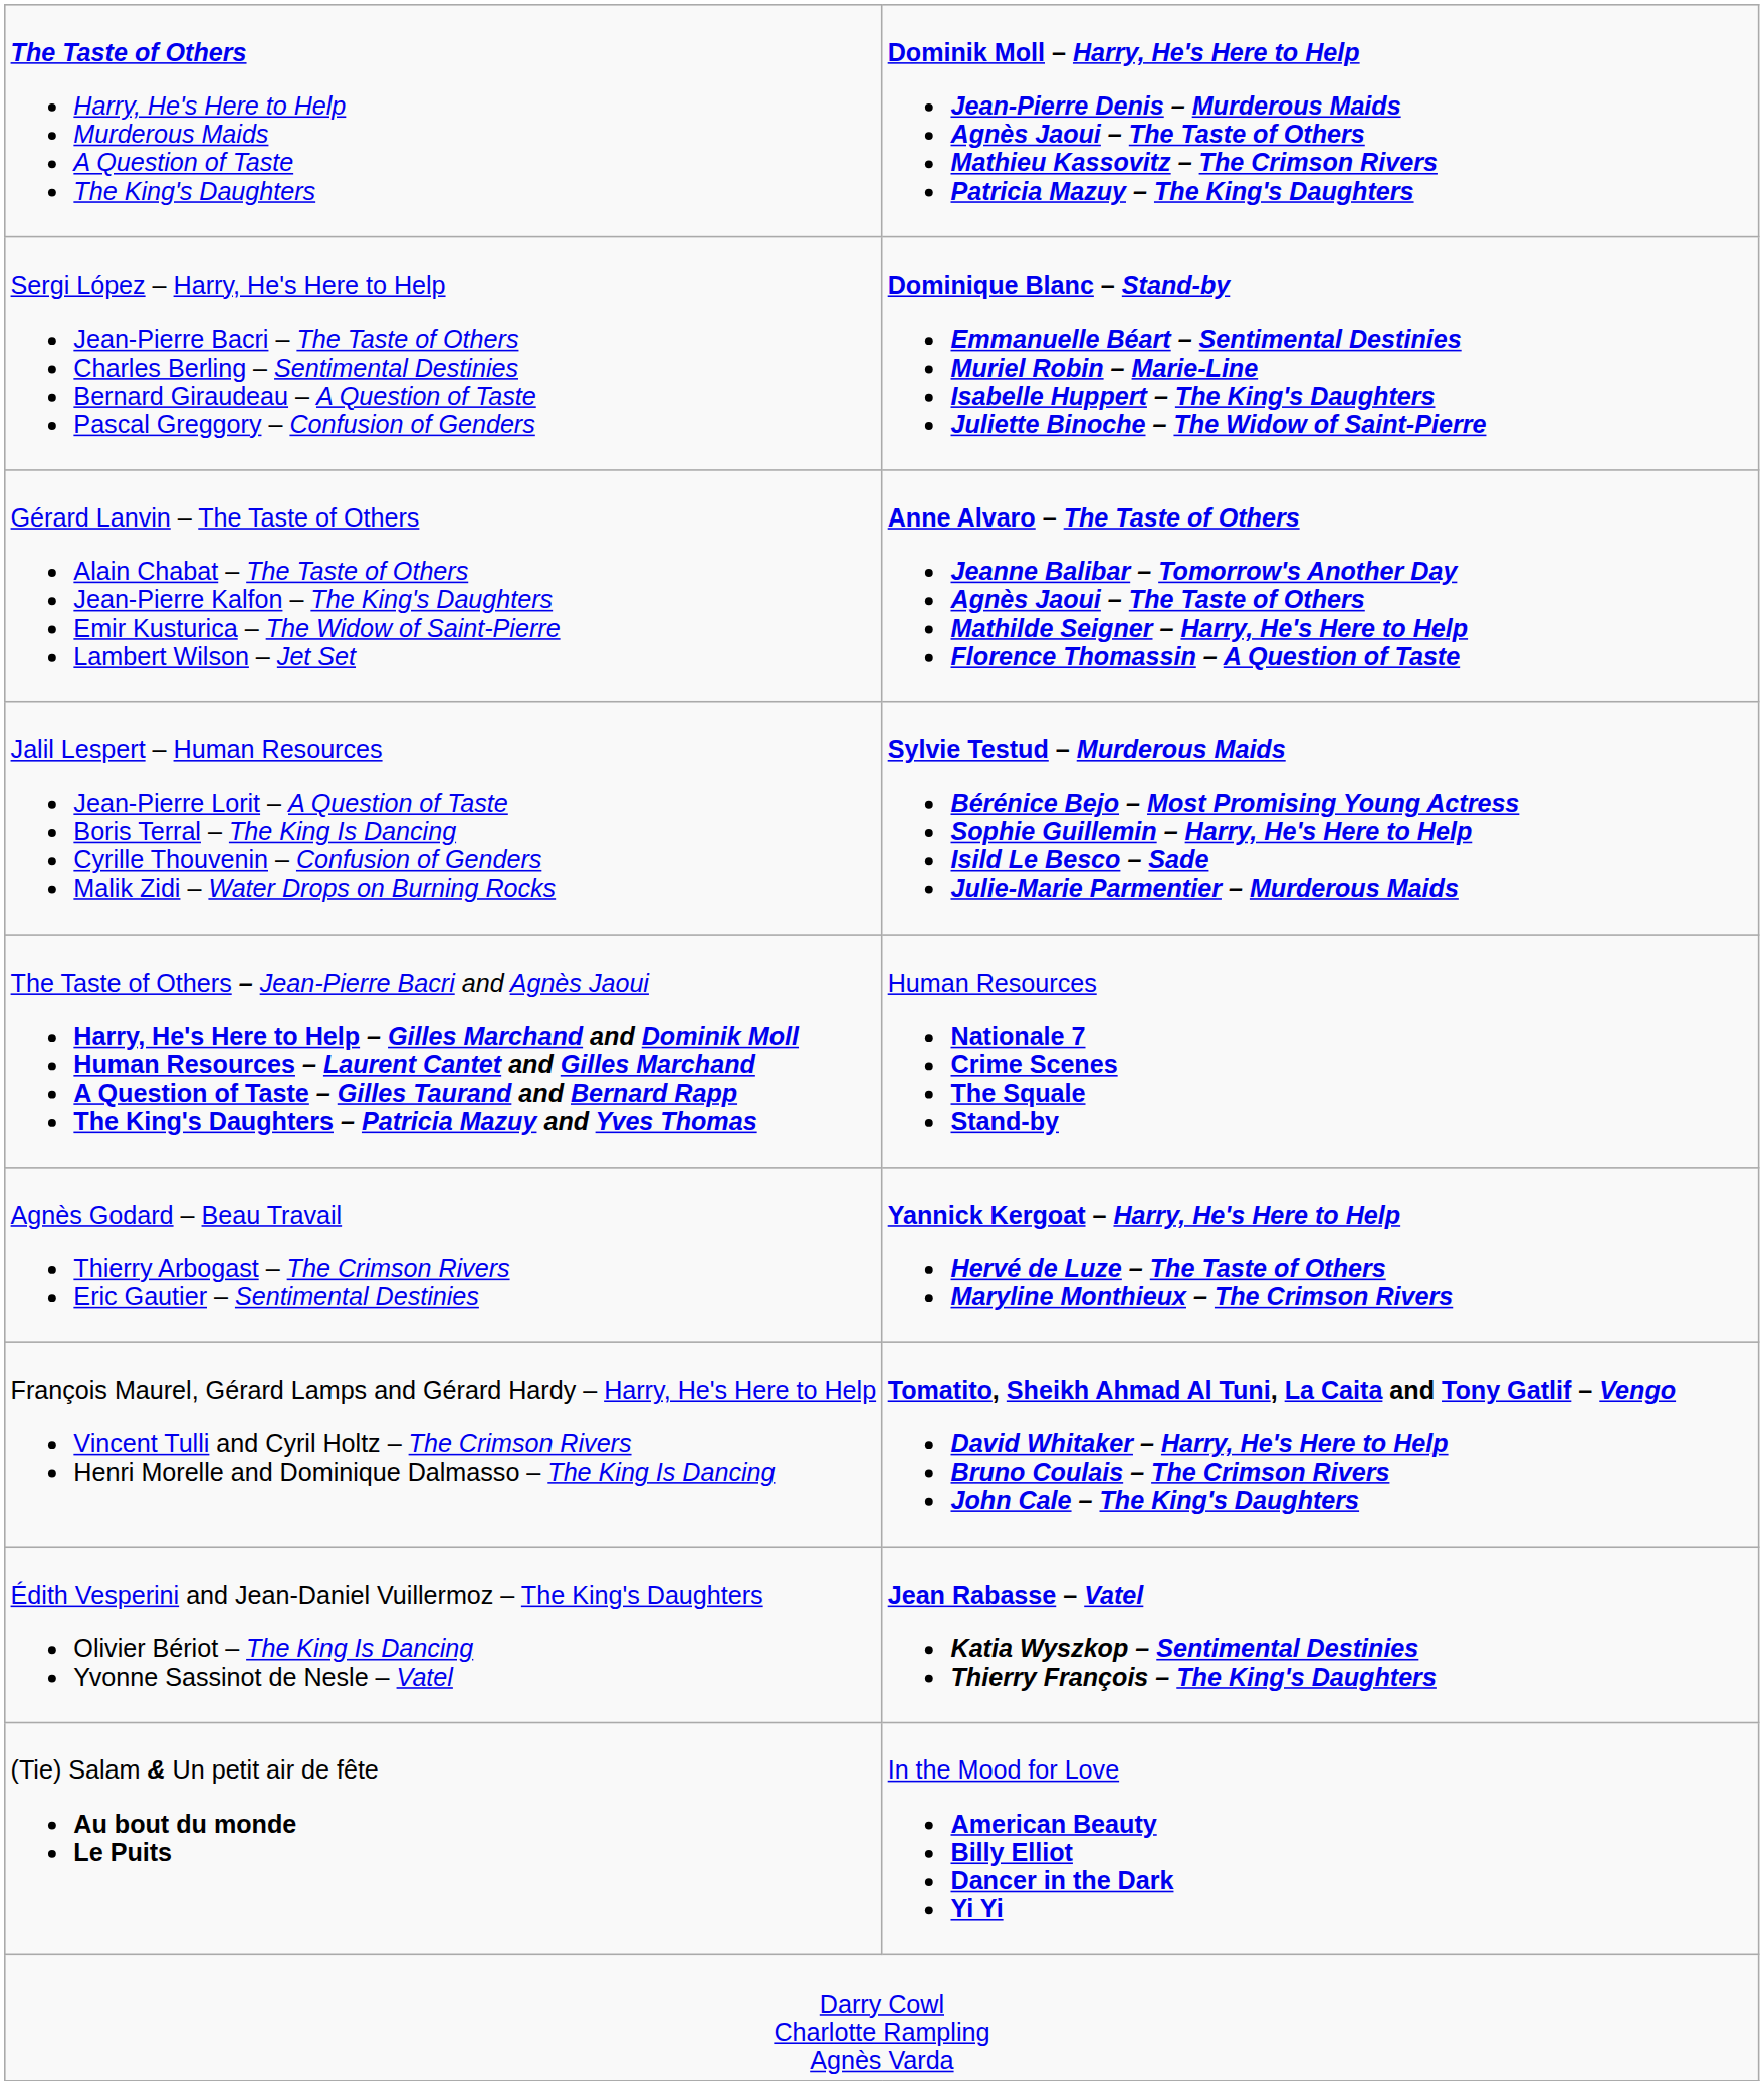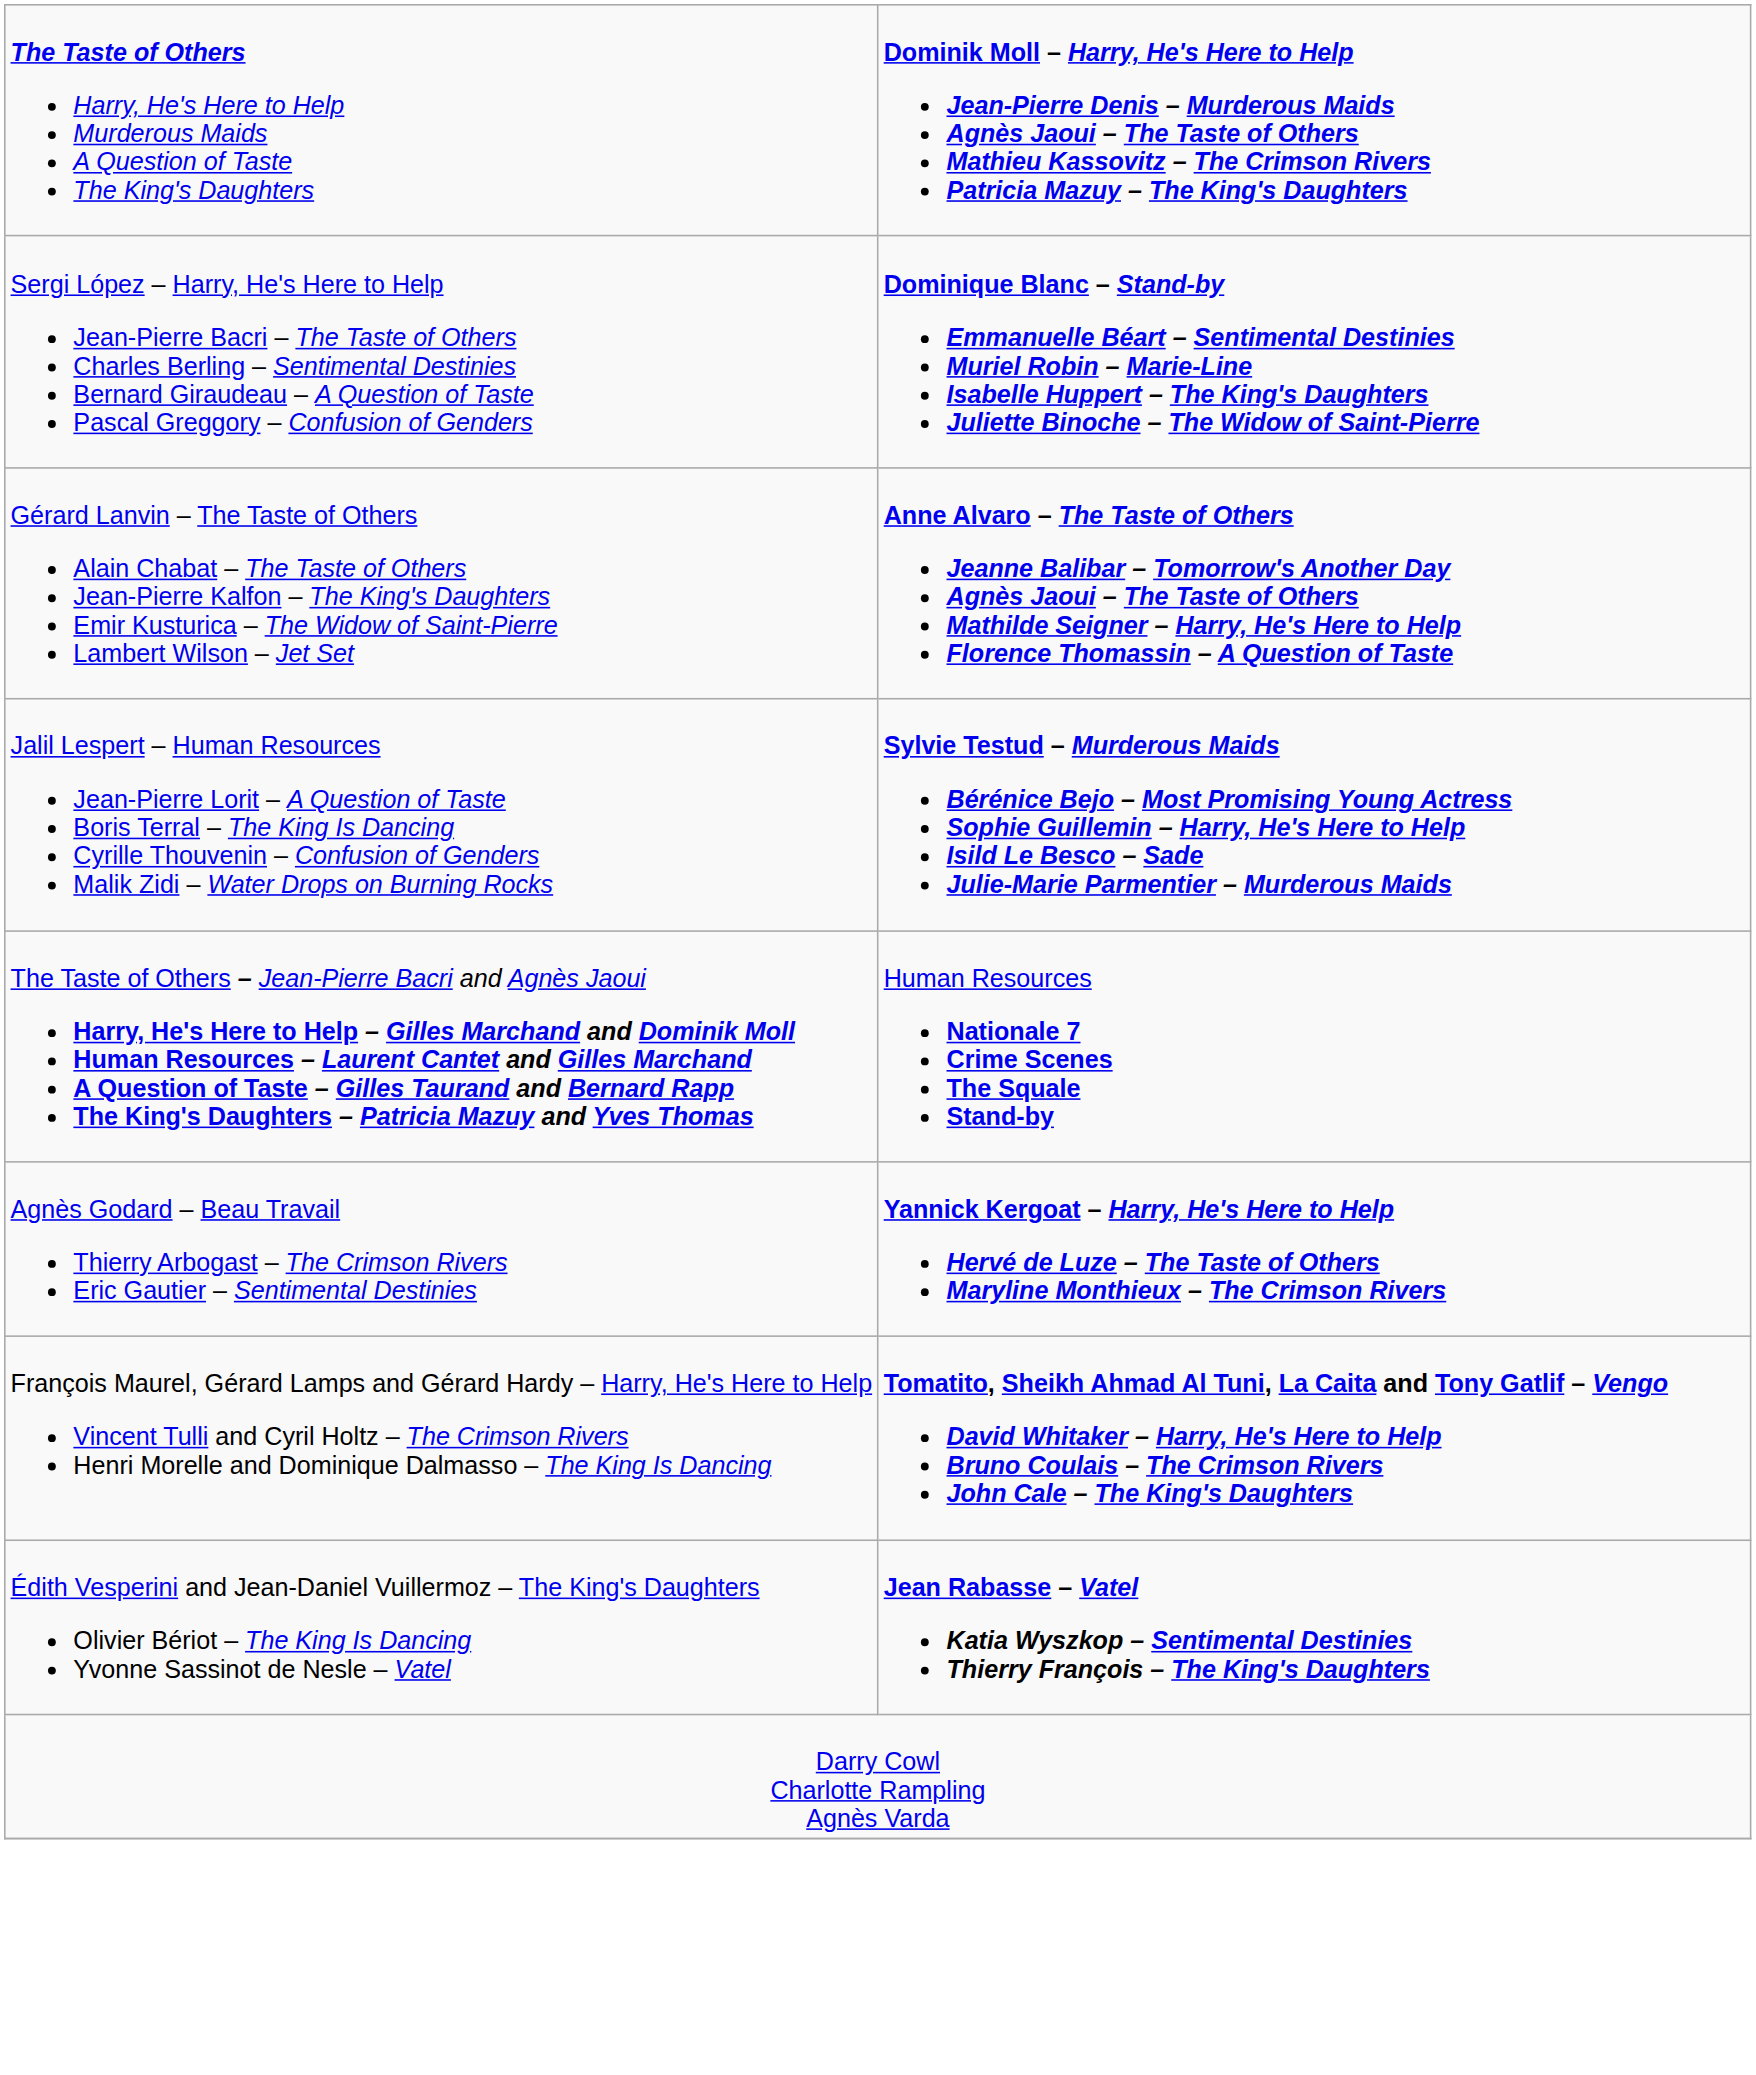 <table class=wikitable style="width=150%">
 <tr>
 <td valign="top" width="50%"><br> <strong><em><a href='#'>The Taste of Others</a></em></strong><ul><li><em><a href='#'>Harry, He's Here to Help</a></em></li><li><em><a href='#'>Murderous Maids</a></em></li><li><em><a href='#'>A Question of Taste</a></em></li><li><em><a href='#'>The King's Daughters</a></em></li></ul></td>
 <td valign="top" width="50%"><br> <strong><a href='#'>Dominik Moll</a> – <em><a href='#'>Harry, He's Here to Help</a><strong><em><ul><li><a href='#'>Jean-Pierre Denis</a> – </em><a href='#'>Murderous Maids</a><em></li><li><a href='#'>Agnès Jaoui</a> – </em><a href='#'>The Taste of Others</a><em></li><li><a href='#'>Mathieu Kassovitz</a> – </em><a href='#'>The Crimson Rivers</a><em></li><li><a href='#'>Patricia Mazuy</a> – </em><a href='#'>The King's Daughters</a><em></li></ul></td>
 </tr>
 <tr>
 <td valign="top" width="50%"><br> </strong><a href='#'>Sergi López</a> –  </em><a href='#'>Harry, He's Here to Help</a></em></strong><ul><li><a href='#'>Jean-Pierre Bacri</a> – <em><a href='#'>The Taste of Others</a></em></li><li><a href='#'>Charles Berling</a> – <em><a href='#'>Sentimental Destinies</a></em></li><li><a href='#'>Bernard Giraudeau</a> – <em><a href='#'>A Question of Taste</a></em></li><li><a href='#'>Pascal Greggory</a> – <em><a href='#'>Confusion of Genders</a></em></li></ul></td>
 <td valign="top" width="50%"><br> <strong><a href='#'>Dominique Blanc</a> – <em><a href='#'>Stand-by</a><strong><em><ul><li><a href='#'>Emmanuelle Béart</a> – </em><a href='#'>Sentimental Destinies</a><em></li><li><a href='#'>Muriel Robin</a> – </em><a href='#'>Marie-Line</a><em></li><li><a href='#'>Isabelle Huppert</a> – </em><a href='#'>The King's Daughters</a><em></li><li><a href='#'>Juliette Binoche</a> – </em><a href='#'>The Widow of Saint-Pierre</a><em></li></ul></td>
 </tr>
 <tr>
 <td valign="top" width="50%"><br> </strong><a href='#'>Gérard Lanvin</a> – </em><a href='#'>The Taste of Others</a></em></strong><ul><li><a href='#'>Alain Chabat</a> – <em><a href='#'>The Taste of Others</a></em></li><li><a href='#'>Jean-Pierre Kalfon</a> – <em><a href='#'>The King's Daughters</a></em></li><li><a href='#'>Emir Kusturica</a> – <em><a href='#'>The Widow of Saint-Pierre</a></em></li><li><a href='#'>Lambert Wilson</a> – <em><a href='#'>Jet Set</a></em></li></ul></td>
 <td valign="top" width="50%"><br> <strong><a href='#'>Anne Alvaro</a> – <em><a href='#'>The Taste of Others</a><strong><em><ul><li><a href='#'>Jeanne Balibar</a> – </em><a href='#'>Tomorrow's Another Day</a><em></li><li><a href='#'>Agnès Jaoui</a> – </em><a href='#'>The Taste of Others</a><em></li><li><a href='#'>Mathilde Seigner</a> – </em><a href='#'>Harry, He's Here to Help</a><em></li><li><a href='#'>Florence Thomassin</a> – </em><a href='#'>A Question of Taste</a><em></li></ul></td>
 </tr>
 <tr>
 <td valign="top" width="50%"><br> </strong><a href='#'>Jalil Lespert</a> – </em><a href='#'>Human Resources</a></em></strong><ul><li><a href='#'>Jean-Pierre Lorit</a> – <em><a href='#'>A Question of Taste</a></em></li><li><a href='#'>Boris Terral</a> – <em><a href='#'>The King Is Dancing</a></em></li><li><a href='#'>Cyrille Thouvenin</a> – <em><a href='#'>Confusion of Genders</a></em></li><li><a href='#'>Malik Zidi</a> – <em><a href='#'>Water Drops on Burning Rocks</a></em></li></ul></td>
 <td valign="top" width="50%"><br> <strong><a href='#'>Sylvie Testud</a> – <em><a href='#'>Murderous Maids</a><strong><em><ul><li><a href='#'>Bérénice Bejo</a> – </em><a href='#'>Most Promising Young Actress</a><em></li><li><a href='#'>Sophie Guillemin</a> – </em><a href='#'>Harry, He's Here to Help</a><em></li><li><a href='#'>Isild Le Besco</a> – </em><a href='#'>Sade</a><em></li><li><a href='#'>Julie-Marie Parmentier</a> – </em><a href='#'>Murderous Maids</a><em></li></ul></td>
 </tr>
 <tr>
 <td valign="top" width="50%"><br> </em></strong><a href='#'>The Taste of Others</a><strong><em> – </strong><a href='#'>Jean-Pierre Bacri</a> and <a href='#'>Agnès Jaoui</a><strong><ul><li></em><a href='#'>Harry, He's Here to Help</a><em> – <a href='#'>Gilles Marchand</a> and <a href='#'>Dominik Moll</a></li><li></em><a href='#'>Human Resources</a><em> – <a href='#'>Laurent Cantet</a> and <a href='#'>Gilles Marchand</a></li><li></em><a href='#'>A Question of Taste</a><em> – <a href='#'>Gilles Taurand</a> and <a href='#'>Bernard Rapp</a></li><li></em><a href='#'>The King's Daughters</a><em> – <a href='#'>Patricia Mazuy</a> and <a href='#'>Yves Thomas</a></li></ul></td>
 <td valign="top" width="50%"><br> </em></strong><a href='#'>Human Resources</a><strong><em><ul><li></em><a href='#'>Nationale 7</a><em></li><li></em><a href='#'>Crime Scenes</a><em></li><li></em><a href='#'>The Squale</a><em></li><li></em><a href='#'>Stand-by</a><em></li></ul></td>
 </tr>
 <tr>
 <td valign="top" width="50%"><br> </strong><a href='#'>Agnès Godard</a> – </em><a href='#'>Beau Travail</a></em></strong><ul><li><a href='#'>Thierry Arbogast</a> – <em><a href='#'>The Crimson Rivers</a></em></li><li><a href='#'>Eric Gautier</a> – <em><a href='#'>Sentimental Destinies</a></em></li></ul></td>
 <td valign="top" width="50%"><br> <strong><a href='#'>Yannick Kergoat</a> – <em><a href='#'>Harry, He's Here to Help</a><strong><em><ul><li><a href='#'>Hervé de Luze</a> – </em><a href='#'>The Taste of Others</a><em></li><li><a href='#'>Maryline Monthieux</a> – </em><a href='#'>The Crimson Rivers</a><em></li></ul></td>
 </tr>
 <tr>
 <td valign="top" width="50%"><br> </strong>François Maurel, Gérard Lamps and Gérard Hardy – </em><a href='#'>Harry, He's Here to Help</a></em></strong><ul><li><a href='#'>Vincent Tulli</a> and Cyril Holtz – <em><a href='#'>The Crimson Rivers</a></em></li><li>Henri Morelle and Dominique Dalmasso – <em><a href='#'>The King Is Dancing</a></em></li></ul></td>
 <td valign="top" width="50%"><br> <strong><a href='#'>Tomatito</a>, <a href='#'>Sheikh Ahmad Al Tuni</a>, <a href='#'>La Caita</a> and <a href='#'>Tony Gatlif</a> – <em><a href='#'>Vengo</a><strong><em><ul><li><a href='#'>David Whitaker</a> – </em><a href='#'>Harry, He's Here to Help</a><em></li><li><a href='#'>Bruno Coulais</a> – </em><a href='#'>The Crimson Rivers</a><em></li><li><a href='#'>John Cale</a> – </em><a href='#'>The King's Daughters</a><em></li></ul></td>
 </tr>
 <tr>
 <td valign="top" width="50%"><br> </strong><a href='#'>Édith Vesperini</a> and Jean-Daniel Vuillermoz – </em><a href='#'>The King's Daughters</a></em></strong><ul><li>Olivier Bériot – <em><a href='#'>The King Is Dancing</a></em></li><li>Yvonne Sassinot de Nesle – <em><a href='#'>Vatel</a></em></li></ul></td>
 <td valign="top" width="50%"><br> <strong><a href='#'>Jean Rabasse</a> – <em><a href='#'>Vatel</a><strong><em><ul><li>Katia Wyszkop – </em><a href='#'>Sentimental Destinies</a><em></li><li>Thierry François – </em><a href='#'>The King's Daughters</a><em></li></ul></td>
 </tr>
 <tr>
-<td valign="top" width="50%"><br> (Tie) </em></strong>Salam<strong><em> & </em></strong>Un petit air de fête<strong><em><ul><li></em>Au bout du monde<em></li><li></em>Le Puits<em></li></ul></td>
-<td valign="top" width="50%"><br> </em></strong><a href='#'>In the Mood for Love</a><strong><em><ul><li></em><a href='#'>American Beauty</a><em></li><li></em><a href='#'>Billy Elliot</a><em></li><li></em><a href='#'>Dancer in the Dark</a><em></li><li></em><a href='#'>Yi Yi</a><em></li></ul></td>
-</tr>
-<tr>
 <td align="center" colspan="2" valign="top" width="50%"><br> </strong><a href='#'>Darry Cowl</a><strong><br> </strong><a href='#'>Charlotte Rampling</a><strong><br> </strong><a href='#'>Agnès Varda</a><strong></td>
 </tr>
 <tr>
 </tr>
 </table>
